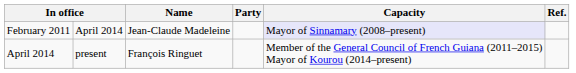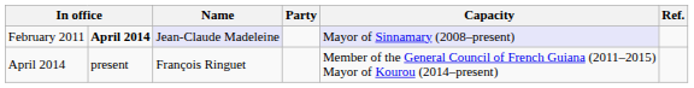 <table class="wikitable">
 <tr>
 <th colspan="2">In office</th>
 <th>Name</th>
 <th>Party</th>
 <th>Capacity</th>
 <th>Ref.</th>
 </tr>
 <tr>
 <td>February 2011</td>
-<td>April 2014</td>
-<td>Jean-Claude Madeleine</td>
+<td><strong>April 2014</strong></td>
+<td style="background: lavender;">Jean-Claude Madeleine</td>
 <td></td>
 <td style="background: lavender;">Mayor of <a href='#'>Sinnamary</a> (2008–present)</td>
 <td></td>
 </tr>
 <tr>
 <td>April 2014</td>
 <td>present</td>
 <td>François Ringuet</td>
 <td></td>
 <td>Member of the <a href='#'>General Council of French Guiana</a> (2011–2015)<br>Mayor of <a href='#'>Kourou</a> (2014–present)</td>
 <td></td>
 </tr>
 </table>
